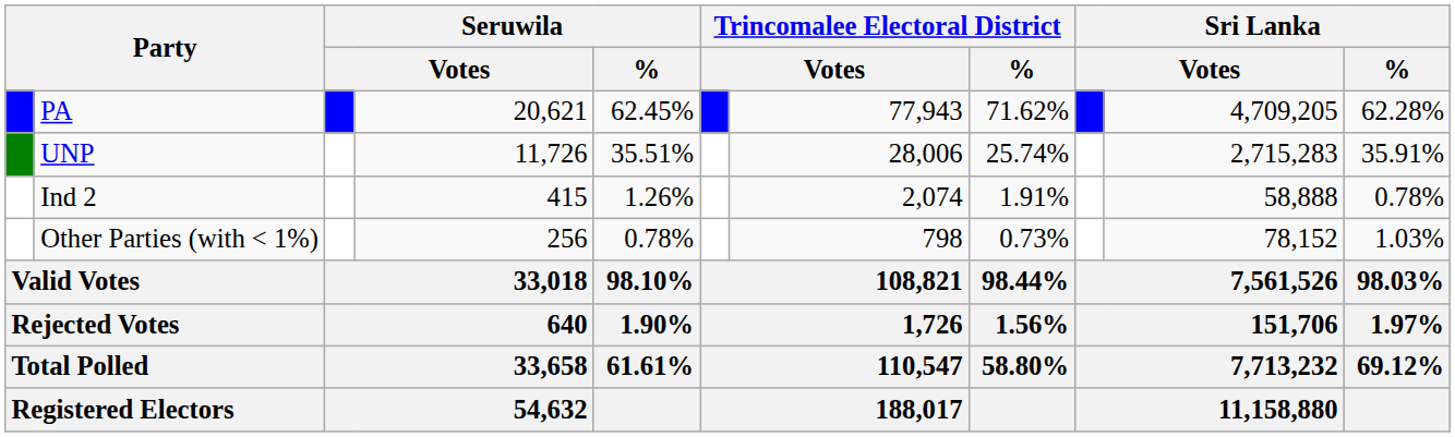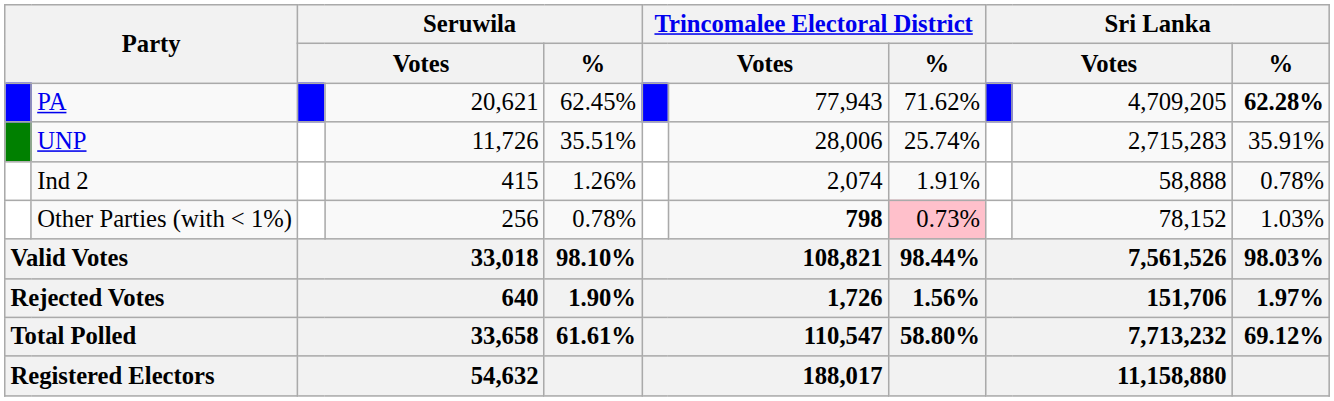 <table class="wikitable">
 <tr>
 <th colspan="2" width="144px"rowspan="2">Party</th>
 <th colspan="3" width="216px">Seruwila</th>
 <th colspan="3" width="216px"><a href='#'>Trincomalee Electoral District</a></th>
 <th colspan="3" width="216px">Sri Lanka</th>
 </tr>
 <tr>
 <th colspan="2" width="144px">Votes</th>
 <th>%</th>
 <th colspan="2" width="144px">Votes</th>
 <th>%</th>
 <th colspan="2" width="144px">Votes</th>
 <th>%</th>
 </tr>
 <tr>
 <td style="background-color:blue;" width="10px"></td>
 <td style="text-align:left;"><a href='#'>PA</a></td>
 <td style="background-color:blue;" width="10px"></td>
 <td style="text-align:right;">20,621</td>
 <td style="text-align:right;">62.45%</td>
 <td style="background-color:blue;" width="10px"></td>
 <td style="text-align:right;">77,943</td>
 <td style="text-align:right;">71.62%</td>
 <td style="background-color:blue;" width="10px"></td>
 <td style="text-align:right;">4,709,205</td>
-<td style="text-align:right;">62.28%</td>
+<td style="text-align:right;"><strong>62.28%</strong></td>
 </tr>
 <tr>
 <td style="background-color:green;" width="10px"></td>
 <td style="text-align:left;"><a href='#'>UNP</a></td>
 <td style="background-color:white;" width="10px"></td>
 <td style="text-align:right;">11,726</td>
 <td style="text-align:right;">35.51%</td>
 <td style="background-color:white;" width="10px"></td>
 <td style="text-align:right;">28,006</td>
 <td style="text-align:right;">25.74%</td>
 <td style="background-color:white;" width="10px"></td>
 <td style="text-align:right;">2,715,283</td>
 <td style="text-align:right;">35.91%</td>
 </tr>
 <tr>
 <td style="background-color:white;" width="10px"></td>
 <td style="text-align:left;">Ind 2</td>
 <td style="background-color:white;" width="10px"></td>
 <td style="text-align:right;">415</td>
 <td style="text-align:right;">1.26%</td>
 <td style="background-color:white;" width="10px"></td>
 <td style="text-align:right;">2,074</td>
 <td style="text-align:right;">1.91%</td>
 <td style="background-color:white;" width="10px"></td>
 <td style="text-align:right;">58,888</td>
 <td style="text-align:right;">0.78%</td>
 </tr>
 <tr>
 <td style="background-color:white;" width="10px"></td>
 <td style="text-align:left;">Other Parties (with < 1%)</td>
 <td style="background-color:white;" width="10px"></td>
 <td style="text-align:right;">256</td>
 <td style="text-align:right;">0.78%</td>
 <td style="background-color:white;" width="10px"></td>
-<td style="text-align:right;">798</td>
-<td style="text-align:right;">0.73%</td>
+<td style="text-align:right;"><strong>798</strong></td>
+<td style="background: pink; text-align:right;">0.73%</td>
 <td style="background-color:white;" width="10px"></td>
 <td style="text-align:right;">78,152</td>
 <td style="text-align:right;">1.03%</td>
 </tr>
 <tr>
 <th colspan="2" width="144px"style="text-align:left;">Valid Votes</th>
 <th style="text-align:right;"colspan="2" width="144px">33,018</th>
 <th style="text-align:right;">98.10%</th>
 <th style="text-align:right;"colspan="2" width="144px">108,821</th>
 <th style="text-align:right;">98.44%</th>
 <th style="text-align:right;"colspan="2" width="144px">7,561,526</th>
 <th style="text-align:right;">98.03%</th>
 </tr>
 <tr>
 <th colspan="2" width="144px"style="text-align:left;">Rejected Votes</th>
 <th style="text-align:right;"colspan="2" width="144px">640</th>
 <th style="text-align:right;">1.90%</th>
 <th style="text-align:right;"colspan="2" width="144px">1,726</th>
 <th style="text-align:right;">1.56%</th>
 <th style="text-align:right;"colspan="2" width="144px">151,706</th>
 <th style="text-align:right;">1.97%</th>
 </tr>
 <tr>
 <th colspan="2" width="144px"style="text-align:left;">Total Polled</th>
 <th style="text-align:right;"colspan="2" width="144px">33,658</th>
 <th style="text-align:right;">61.61%</th>
 <th style="text-align:right;"colspan="2" width="144px">110,547</th>
 <th style="text-align:right;">58.80%</th>
 <th style="text-align:right;"colspan="2" width="144px">7,713,232</th>
 <th style="text-align:right;">69.12%</th>
 </tr>
 <tr>
 <th colspan="2" width="144px"style="text-align:left;">Registered Electors</th>
 <th style="text-align:right;"colspan="2" width="144px">54,632</th>
 <th></th>
 <th style="text-align:right;"colspan="2" width="144px">188,017</th>
 <th></th>
 <th style="text-align:right;"colspan="2" width="144px">11,158,880</th>
 <th></th>
 </tr>
 </table>
